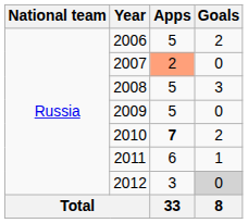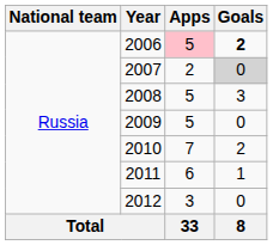 <table class="wikitable" style="text-align: center;">
 <tr>
 <th>National team</th>
 <th>Year</th>
 <th>Apps</th>
 <th>Goals</th>
 </tr>
 <tr>
 <td rowspan="7"><a href='#'>Russia</a></td>
 <td>2006</td>
-<td>5</td>
-<td>2</td>
+<td style="background: pink;">5</td>
+<td><strong>2</strong></td>
 </tr>
 <tr>
 <td>2007</td>
-<td style="background: lightsalmon;">2</td>
-<td>0</td>
+<td>2</td>
+<td style="background: lightgrey;">0</td>
 </tr>
 <tr>
 <td>2008</td>
 <td>5</td>
 <td>3</td>
 </tr>
 <tr>
 <td>2009</td>
 <td>5</td>
 <td>0</td>
 </tr>
 <tr>
 <td>2010</td>
-<td><strong>7</strong></td>
+<td>7</td>
 <td>2</td>
 </tr>
 <tr>
 <td>2011</td>
 <td>6</td>
 <td>1</td>
 </tr>
 <tr>
 <td>2012</td>
 <td>3</td>
-<td style="background: lightgrey;">0</td>
+<td>0</td>
 </tr>
 <tr>
 <th colspan="2">Total</th>
 <th>33</th>
 <th>8</th>
 </tr>
 </table>
